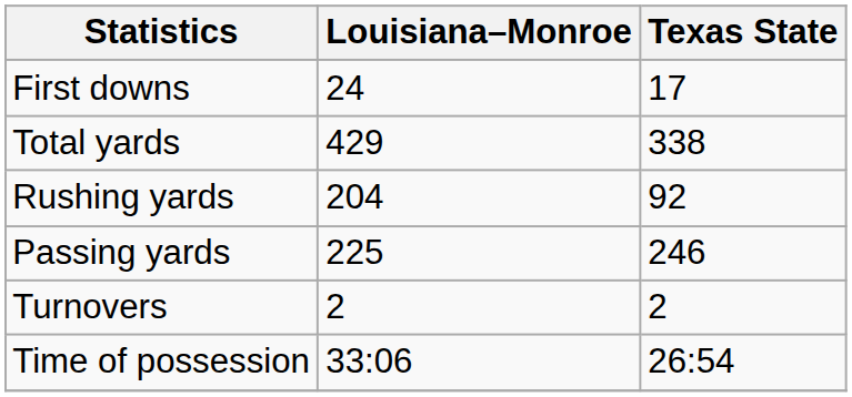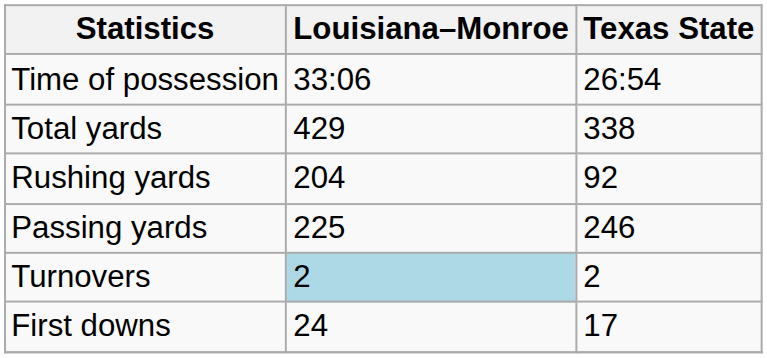 <table class="wikitable" style="float: right;">
 <tr>
 <th>Statistics</th>
 <th>Louisiana–Monroe</th>
 <th>Texas State</th>
 </tr>
 <tr>
-<td>First downs</td>
-<td>24</td>
-<td>17</td>
+<td>Time of possession</td>
+<td>33:06</td>
+<td>26:54</td>
 </tr>
 <tr>
 <td>Total yards</td>
 <td>429</td>
 <td>338</td>
 </tr>
 <tr>
 <td>Rushing yards</td>
 <td>204</td>
 <td>92</td>
 </tr>
 <tr>
 <td>Passing yards</td>
 <td>225</td>
 <td>246</td>
 </tr>
 <tr>
 <td>Turnovers</td>
-<td>2</td>
+<td style="background: lightblue;">2</td>
 <td>2</td>
 </tr>
 <tr>
-<td>Time of possession</td>
-<td>33:06</td>
-<td>26:54</td>
+<td>First downs</td>
+<td>24</td>
+<td>17</td>
 </tr>
 <tr>
 </tr>
 </table>
